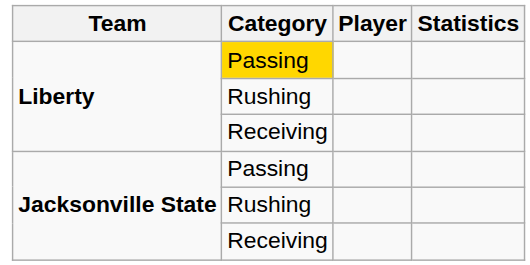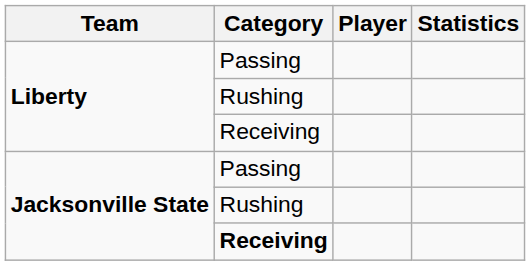 <table class="wikitable" style="float: right;">
 <tr>
 <th>Team</th>
 <th>Category</th>
 <th>Player</th>
 <th>Statistics</th>
 </tr>
 <tr>
 <td rowspan=3><strong>Liberty</strong></td>
-<td style="background: gold;">Passing</td>
+<td>Passing</td>
 <td></td>
 <td></td>
 </tr>
 <tr>
 <td>Rushing</td>
 <td></td>
 <td></td>
 </tr>
 <tr>
 <td>Receiving</td>
 <td></td>
 <td></td>
 </tr>
 <tr>
 <td rowspan=3><strong>Jacksonville State</strong></td>
 <td>Passing</td>
 <td></td>
 <td></td>
 </tr>
 <tr>
 <td>Rushing</td>
 <td></td>
 <td></td>
 </tr>
 <tr>
-<td>Receiving</td>
+<td><strong>Receiving</strong></td>
 <td></td>
 <td></td>
 </tr>
 </table>
